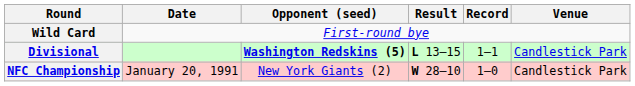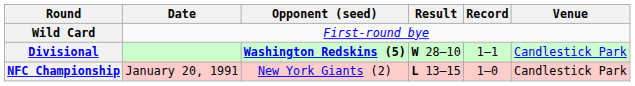 <table class="wikitable" style="text-align:center">
 <tr>
 <th>Round</th>
 <th>Date</th>
 <th>Opponent (seed)</th>
 <th>Result</th>
 <th>Record</th>
 <th>Venue</th>
 </tr>
 <tr>
 <th>Wild Card</th>
 <td colspan="7"><em><a href='#'>First-round bye</a></em></td>
 </tr>
 <tr style="background:#cfc">
 <th><a href='#'>Divisional</a></th>
 <td></td>
 <td><strong><a href='#'>Washington Redskins</a> (5)</strong></td>
-<td><strong>L</strong> 13–15</td>
+<td><strong>W</strong> 28–10</td>
 <td>1–1</td>
 <td><a href='#'>Candlestick Park</a></td>
 </tr>
 <tr style="background:#fcc">
 <th><a href='#'>NFC Championship</a></th>
 <td>January 20, 1991</td>
 <td><a href='#'>New York Giants</a> (2)</td>
-<td><strong>W</strong> 28–10</td>
+<td><strong>L</strong> 13–15</td>
 <td>1–0</td>
 <td>Candlestick Park</td>
 </tr>
 </table>
